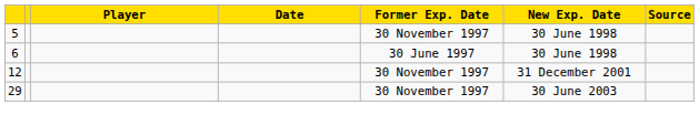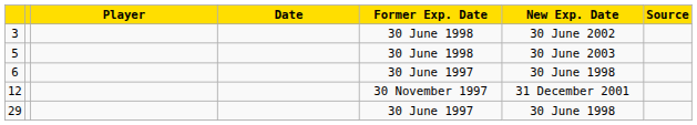 <table class="wikitable sortable">
 <tr>
 <th style="background:#FFDE00"></th>
 <th style="background:#FFDE00"></th>
 <th width=200 style="background:#FFDE00">Player</th>
 <th width=150 style="background:#FFDE00">Date</th>
 <th width=150 style="background:#FFDE00">Former Exp. Date</th>
 <th width=150 style="background:#FFDE00">New Exp. Date</th>
 <th style="background:#FFDE00">Source</th>
 </tr>
 <tr>
+<td align=center>3</td>
+<td align=center></td>
+<td></td>
+<td align=center></td>
+<td align=center>30 June 1998</td>
+<td align=center>30 June 2002</td>
+<td align=center></td>
+</tr>
+<tr>
 <td align=center>5</td>
 <td align=center></td>
 <td></td>
 <td align=center></td>
-<td align=center>30 November 1997</td>
 <td align=center>30 June 1998</td>
+<td align=center>30 June 2003</td>
 <td align=center></td>
 </tr>
 <tr>
 <td align=center>6</td>
 <td align=center></td>
 <td></td>
 <td align=center></td>
 <td align=center>30 June 1997</td>
 <td align=center>30 June 1998</td>
 <td align=center></td>
 </tr>
 <tr>
 <td align=center>12</td>
 <td align=center></td>
 <td></td>
 <td align=center></td>
 <td align=center>30 November 1997</td>
 <td align=center>31 December 2001</td>
 <td align=center></td>
 </tr>
 <tr>
 <td align=center>29</td>
 <td align=center></td>
 <td></td>
 <td align=center></td>
-<td align=center>30 November 1997</td>
-<td align=center>30 June 2003</td>
+<td align=center>30 June 1997</td>
+<td align=center>30 June 1998</td>
 <td align=center></td>
 </tr>
 </table>
